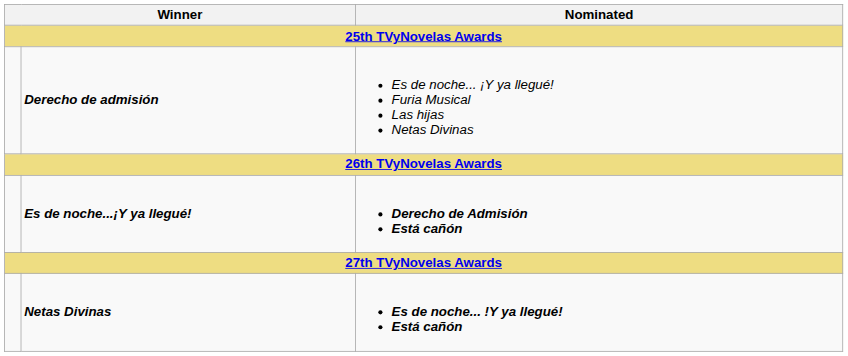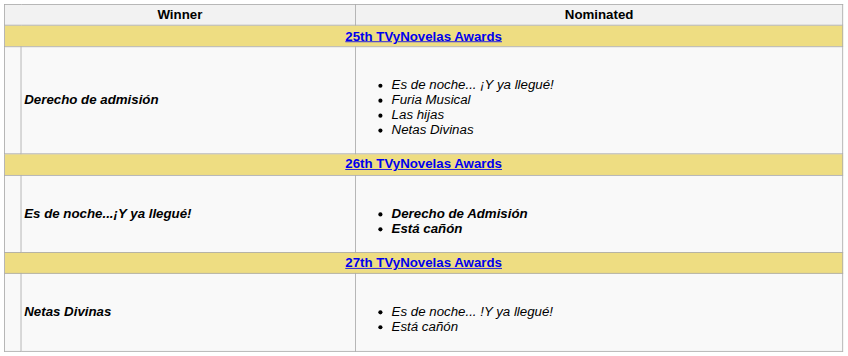 <table class="wikitable" width=80%>
 <tr align=center>
 <th width="150px;" colspan=2; align="center">Winner</th>
 <th width="580px;" align="center">Nominated</th>
 </tr>
 <tr>
 <th colspan=9 style="background:#EEDD82;"  align="center"><strong><a href='#'>25th TVyNovelas Awards</a></strong></th>
 </tr>
 <tr>
 <td width=2%></td>
 <td><strong><em>Derecho de admisión</em></strong></td>
 <td><br><ul><li><em>Es de noche... ¡Y ya llegué!</em></li><li><em>Furia Musical</em></li><li><em>Las hijas</em></li><li><em>Netas Divinas</em></li></ul></td>
 </tr>
 <tr>
 <th colspan=9 style="background:#EEDD82;"  align="center"><strong><a href='#'>26th TVyNovelas Awards</a></strong></th>
 </tr>
 <tr>
 <td width=2%></td>
 <td><strong><em>Es de noche...¡Y ya llegué!</em></strong></td>
 <td><strong><br><ul><li><em>Derecho de Admisión</em></li><li><em>Está cañón</em></li></ul></strong></td>
 </tr>
 <tr>
 <th colspan=9 style="background:#EEDD82;"  align="center"><strong><a href='#'>27th TVyNovelas Awards</a></strong></th>
 </tr>
 <tr>
 <td width=2%></td>
 <td><strong><em>Netas Divinas</em></strong></td>
-<td><strong><br><ul><li><em>Es de noche... !Y ya llegué!</em></li><li><em>Está cañón</em></li></ul></strong></td>
+<td><br><ul><li><em>Es de noche... !Y ya llegué!</em></li><li><em>Está cañón</em></li></ul></td>
 </tr>
 </table>
